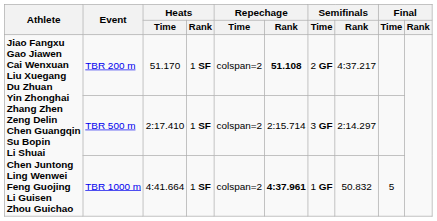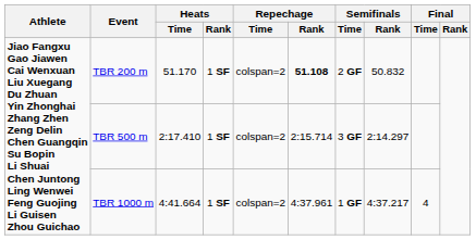 <table class="wikitable" style="text-align:center; font-size:90%">
 <tr>
 <th rowspan="2">Athlete</th>
 <th rowspan="2">Event</th>
 <th colspan="2">Heats</th>
 <th colspan="2">Repechage</th>
 <th colspan="2">Semifinals</th>
 <th colspan="2">Final</th>
 </tr>
 <tr style=font-size:95%>
 <th>Time</th>
 <th>Rank</th>
 <th>Time</th>
 <th>Rank</th>
 <th>Time</th>
 <th>Rank</th>
 <th>Time</th>
 <th>Rank</th>
 </tr>
 <tr>
 <td align=left rowspan=3><strong>Jiao Fangxu<br>Gao Jiawen<br>Cai Wenxuan<br>Liu Xuegang<br>Du Zhuan<br>Yin Zhonghai<br>Zhang Zhen<br>Zeng Delin<br>Chen Guangqin<br>Su Bopin<br>Li Shuai<br>Chen Juntong<br>Ling Wenwei<br>Feng Guojing<br>Li Guisen<br>Zhou Guichao</strong></td>
 <td align=left><a href='#'>TBR 200 m</a></td>
 <td>51.170</td>
 <td>1 <strong>SF</strong></td>
 <td>colspan=2 </td>
 <td><strong>51.108</strong></td>
 <td>2 <strong>GF</strong></td>
-<td>4:37.217</td>
+<td>50.832</td>
 <td></td>
 </tr>
 <tr>
 <td align=left><a href='#'>TBR 500 m</a></td>
 <td>2:17.410</td>
 <td>1 <strong>SF</strong></td>
 <td>colspan=2 </td>
 <td>2:15.714</td>
 <td>3 <strong>GF</strong></td>
 <td>2:14.297</td>
 <td></td>
 </tr>
 <tr>
 <td align=left><a href='#'>TBR 1000 m</a></td>
 <td>4:41.664</td>
 <td>1 <strong>SF</strong></td>
 <td>colspan=2 </td>
-<td><strong>4:37.961</strong></td>
+<td>4:37.961</td>
 <td>1 <strong>GF</strong></td>
-<td>50.832</td>
-<td>5</td>
+<td>4:37.217</td>
+<td>4</td>
 </tr>
 </table>
